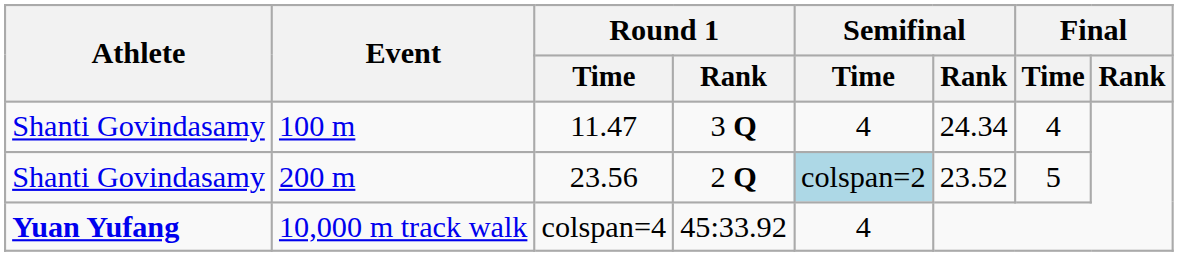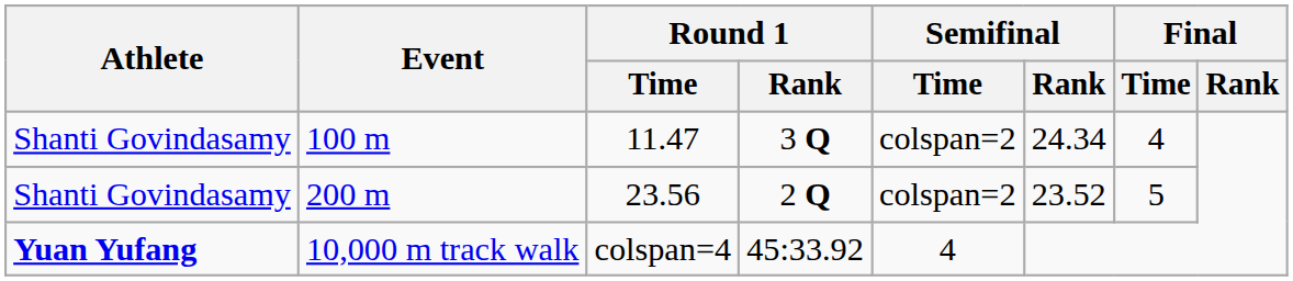 <table class="wikitable" style="font-size:90%">
 <tr>
 <th rowspan=2>Athlete</th>
 <th rowspan=2>Event</th>
 <th colspan=2>Round 1</th>
 <th colspan=2>Semifinal</th>
 <th colspan=2>Final</th>
 </tr>
 <tr style="font-size:95%">
 <th>Time</th>
 <th>Rank</th>
 <th>Time</th>
 <th>Rank</th>
 <th>Time</th>
 <th>Rank</th>
 </tr>
 <tr align=center>
 <td align=left><a href='#'>Shanti Govindasamy</a></td>
 <td align=left><a href='#'>100 m</a></td>
 <td>11.47</td>
 <td>3 <strong>Q</strong></td>
-<td>4</td>
+<td>colspan=2 </td>
 <td>24.34</td>
 <td>4</td>
 </tr>
 <tr align=center>
 <td align=left><a href='#'>Shanti Govindasamy</a></td>
 <td align=left><a href='#'>200 m</a></td>
 <td>23.56</td>
 <td>2 <strong>Q</strong></td>
-<td style="background: lightblue;">colspan=2 </td>
+<td>colspan=2 </td>
 <td>23.52</td>
 <td>5</td>
 </tr>
 <tr align=center>
 <td align=left><strong><a href='#'>Yuan Yufang</a></strong></td>
 <td align=left><a href='#'>10,000 m track walk</a></td>
 <td>colspan=4 </td>
 <td>45:33.92</td>
 <td>4</td>
 </tr>
 </table>
